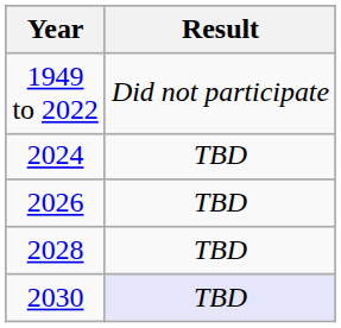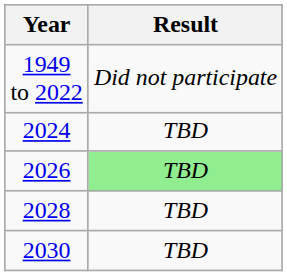 <table class="wikitable" style="text-align: center; font-size:90%">
 <tr>
 <th>Year</th>
 <th>Result</th>
 </tr>
 <tr>
 <td> <a href='#'>1949</a><br>to  <a href='#'>2022</a></td>
 <td><em>Did not participate</em></td>
 </tr>
 <tr>
 <td> <a href='#'>2024</a></td>
 <td><em>TBD</em></td>
 </tr>
 <tr>
 <td> <a href='#'>2026</a></td>
-<td><em>TBD</em></td>
+<td style="background: lightgreen;"><em>TBD</em></td>
 </tr>
 <tr>
 <td> <a href='#'>2028</a></td>
 <td><em>TBD</em></td>
 </tr>
 <tr>
 <td> <a href='#'>2030</a></td>
-<td style="background: lavender;"><em>TBD</em></td>
+<td><em>TBD</em></td>
 </tr>
 </table>
